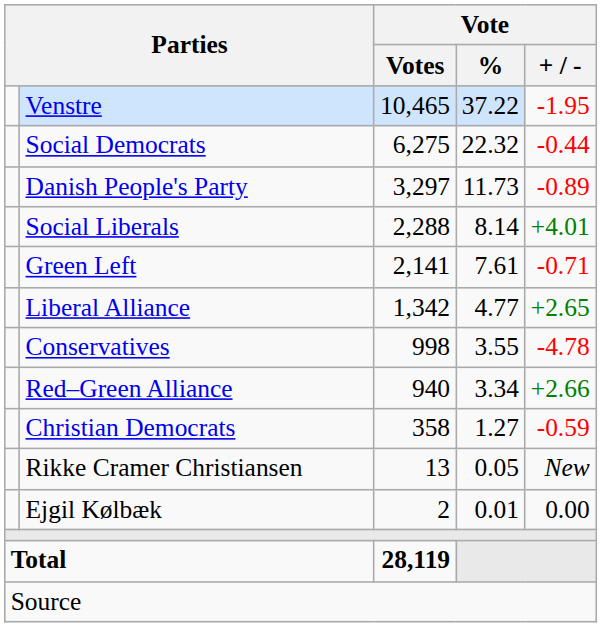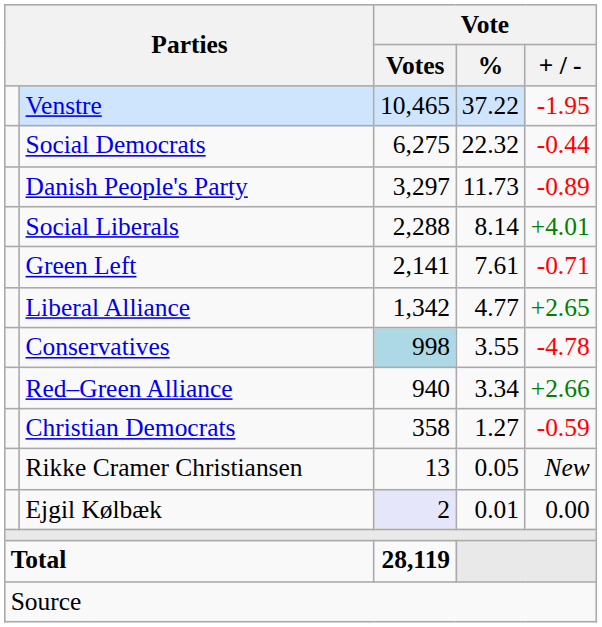 <table class="wikitable" style="text-align:right;">
 <tr>
 <th style="text-align:centre;" rowspan="2" colspan="2" width="225">Parties</th>
 <th colspan="3">Vote</th>
 </tr>
 <tr>
 <th width="15">Votes</th>
 <th width="15">%</th>
 <th width="15">+ / -</th>
 </tr>
 <tr>
 <td width="2" style="color:inherit;background:"></td>
 <td bgcolor=#cfe5fe  align="left"><a href='#'>Venstre</a></td>
 <td bgcolor=#cfe5fe>10,465</td>
 <td bgcolor=#cfe5fe>37.22</td>
 <td style=color:red;>-1.95</td>
 </tr>
 <tr>
 <td width="2" style="color:inherit;background:"></td>
 <td align="left"><a href='#'>Social Democrats</a></td>
 <td>6,275</td>
 <td>22.32</td>
 <td style=color:red;>-0.44</td>
 </tr>
 <tr>
 <td width="2" style="color:inherit;background:"></td>
 <td align="left"><a href='#'>Danish People's Party</a></td>
 <td>3,297</td>
 <td>11.73</td>
 <td style=color:red;>-0.89</td>
 </tr>
 <tr>
 <td width="2" style="color:inherit;background:"></td>
 <td align="left"><a href='#'>Social Liberals</a></td>
 <td>2,288</td>
 <td>8.14</td>
 <td style=color:green;>+4.01</td>
 </tr>
 <tr>
 <td width="2" style="color:inherit;background:"></td>
 <td align="left"><a href='#'>Green Left</a></td>
 <td>2,141</td>
 <td>7.61</td>
 <td style=color:red;>-0.71</td>
 </tr>
 <tr>
 <td width="2" style="color:inherit;background:"></td>
 <td align="left"><a href='#'>Liberal Alliance</a></td>
 <td>1,342</td>
 <td>4.77</td>
 <td style=color:green;>+2.65</td>
 </tr>
 <tr>
 <td width="2" style="color:inherit;background:"></td>
 <td align="left"><a href='#'>Conservatives</a></td>
-<td>998</td>
+<td style="background: lightblue;">998</td>
 <td>3.55</td>
 <td style=color:red;>-4.78</td>
 </tr>
 <tr>
 <td width="2" style="color:inherit;background:"></td>
 <td align="left"><a href='#'>Red–Green Alliance</a></td>
 <td>940</td>
 <td>3.34</td>
 <td style=color:green;>+2.66</td>
 </tr>
 <tr>
 <td width="2" style="color:inherit;background:"></td>
 <td align="left"><a href='#'>Christian Democrats</a></td>
 <td>358</td>
 <td>1.27</td>
 <td style=color:red;>-0.59</td>
 </tr>
 <tr>
 <td width="2" style="color:inherit;background:"></td>
 <td align="left">Rikke Cramer Christiansen</td>
 <td>13</td>
 <td>0.05</td>
 <td><em>New</em></td>
 </tr>
 <tr>
 <td width="2" style="color:inherit;background:"></td>
 <td align="left">Ejgil Kølbæk</td>
-<td>2</td>
+<td style="background: lavender;">2</td>
 <td>0.01</td>
 <td>0.00</td>
 </tr>
 <tr>
 <td colspan="7" bgcolor="#E9E9E9"></td>
 </tr>
 <tr>
 <td align="left" colspan="2"><strong>Total</strong></td>
 <td><strong>28,119</strong></td>
 <td bgcolor="#E9E9E9" colspan="2"></td>
 </tr>
 <tr>
 <td align="left" colspan="6">Source</td>
 </tr>
 </table>
